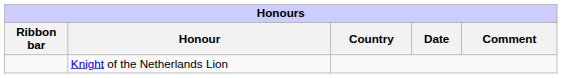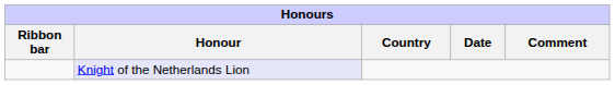 <table class="wikitable" style="width:60%;">
 <tr style="background:#ccf; text-align:center;">
 <td colspan=5><strong>Honours</strong></td>
 </tr>
 <tr>
 <th style="width:80px;">Ribbon bar</th>
 <th>Honour</th>
 <th>Country</th>
 <th>Date</th>
 <th>Comment</th>
 </tr>
 <tr>
 <td></td>
-<td><a href='#'>Knight</a> of the Netherlands Lion</td>
+<td style="background: lavender;"><a href='#'>Knight</a> of the Netherlands Lion</td>
 </tr>
 </table>
